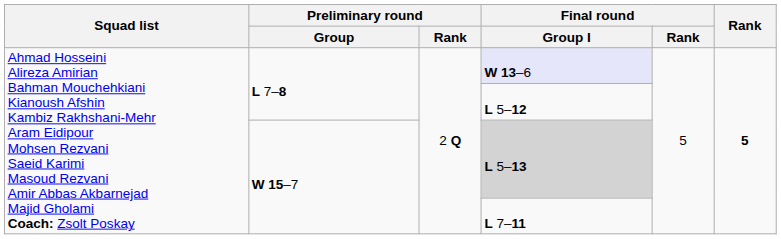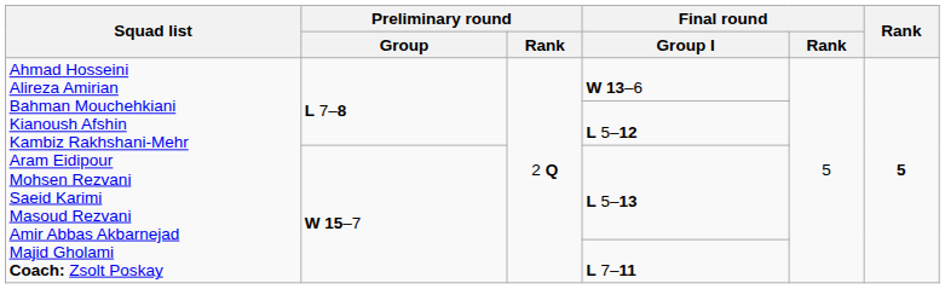 <table class="wikitable" width="65%" style="text-align:left; font-size:90%">
 <tr>
 <th rowspan="2" width="20%">Squad list</th>
 <th colspan="2">Preliminary round</th>
 <th colspan="2">Final round</th>
 <th rowspan="2" width="5%">Rank</th>
 </tr>
 <tr>
 <th width="14%">Group</th>
 <th width="5%">Rank</th>
 <th width="14%">Group I</th>
 <th width="5%">Rank</th>
 </tr>
 <tr>
 <td rowspan="4"><a href='#'>Ahmad Hosseini</a><br> <a href='#'>Alireza Amirian</a><br> <a href='#'>Bahman Mouchehkiani</a><br> <a href='#'>Kianoush Afshin</a><br> <a href='#'>Kambiz Rakhshani-Mehr</a><br> <a href='#'>Aram Eidipour</a><br> <a href='#'>Mohsen Rezvani</a><br> <a href='#'>Saeid Karimi</a><br> <a href='#'>Masoud Rezvani</a><br> <a href='#'>Amir Abbas Akbarnejad</a><br> <a href='#'>Majid Gholami</a><br> <strong>Coach:</strong> <a href='#'>Zsolt Poskay</a></td>
 <td rowspan="2"><br><strong>L</strong> 7–<strong>8</strong></td>
 <td rowspan="4" align=center>2 <strong>Q</strong></td>
-<td style="background: lavender;"><br><strong>W</strong> <strong>13</strong>–6</td>
+<td><br><strong>W</strong> <strong>13</strong>–6</td>
 <td rowspan="4" align=center>5</td>
 <td rowspan="4" align="center"><strong>5</strong></td>
 </tr>
 <tr>
 <td><br><strong>L</strong> 5–<strong>12</strong></td>
 </tr>
 <tr>
 <td rowspan="2"><br><strong>W</strong> <strong>15</strong>–7</td>
-<td style="background: lightgrey;"><br><strong>L</strong> 5–<strong>13</strong></td>
+<td><br><strong>L</strong> 5–<strong>13</strong></td>
 </tr>
 <tr>
 <td><br><strong>L</strong> 7–<strong>11</strong></td>
 </tr>
 </table>
